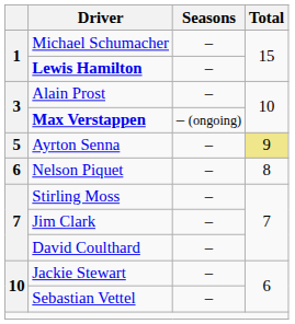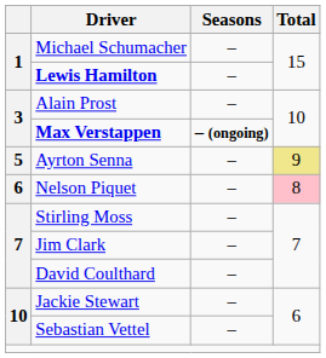 <table class="wikitable" style="text-align:center">
 <tr>
 <th></th>
 <th>Driver</th>
 <th>Seasons</th>
 <th>Total</th>
 </tr>
 <tr>
 <th rowspan=2>1</th>
 <td align=left> <a href='#'>Michael Schumacher</a></td>
 <td>–</td>
 <td rowspan=2>15</td>
 </tr>
 <tr>
 <td align=left> <strong><a href='#'>Lewis Hamilton</a></strong></td>
 <td>–</td>
 </tr>
 <tr>
 <th rowspan=2>3</th>
 <td align=left> <a href='#'>Alain Prost</a></td>
 <td>–</td>
 <td rowspan=2>10</td>
 </tr>
 <tr>
 <td align=left> <strong><a href='#'>Max Verstappen</a></strong></td>
-<td>– <small>(ongoing)</small></td>
+<td><strong>– <small>(ongoing)</small></strong></td>
 </tr>
 <tr>
 <th>5</th>
 <td align=left> <a href='#'>Ayrton Senna</a></td>
 <td>–</td>
 <td style="background: khaki;">9</td>
 </tr>
 <tr>
 <th>6</th>
 <td align=left> <a href='#'>Nelson Piquet</a></td>
 <td>–</td>
-<td>8</td>
+<td style="background: pink;">8</td>
 </tr>
 <tr>
 <th rowspan=3>7</th>
 <td align=left> <a href='#'>Stirling Moss</a></td>
 <td>–</td>
 <td rowspan=3>7</td>
 </tr>
 <tr>
 <td align=left> <a href='#'>Jim Clark</a></td>
 <td>–</td>
 </tr>
 <tr>
 <td align=left> <a href='#'>David Coulthard</a></td>
 <td>–</td>
 </tr>
 <tr>
 <th rowspan=2>10</th>
 <td align=left> <a href='#'>Jackie Stewart</a></td>
 <td>–</td>
 <td rowspan=2>6</td>
 </tr>
 <tr>
 <td align=left> <a href='#'>Sebastian Vettel</a></td>
 <td>–</td>
 </tr>
 <tr>
 <td colspan=4></td>
 </tr>
 </table>
